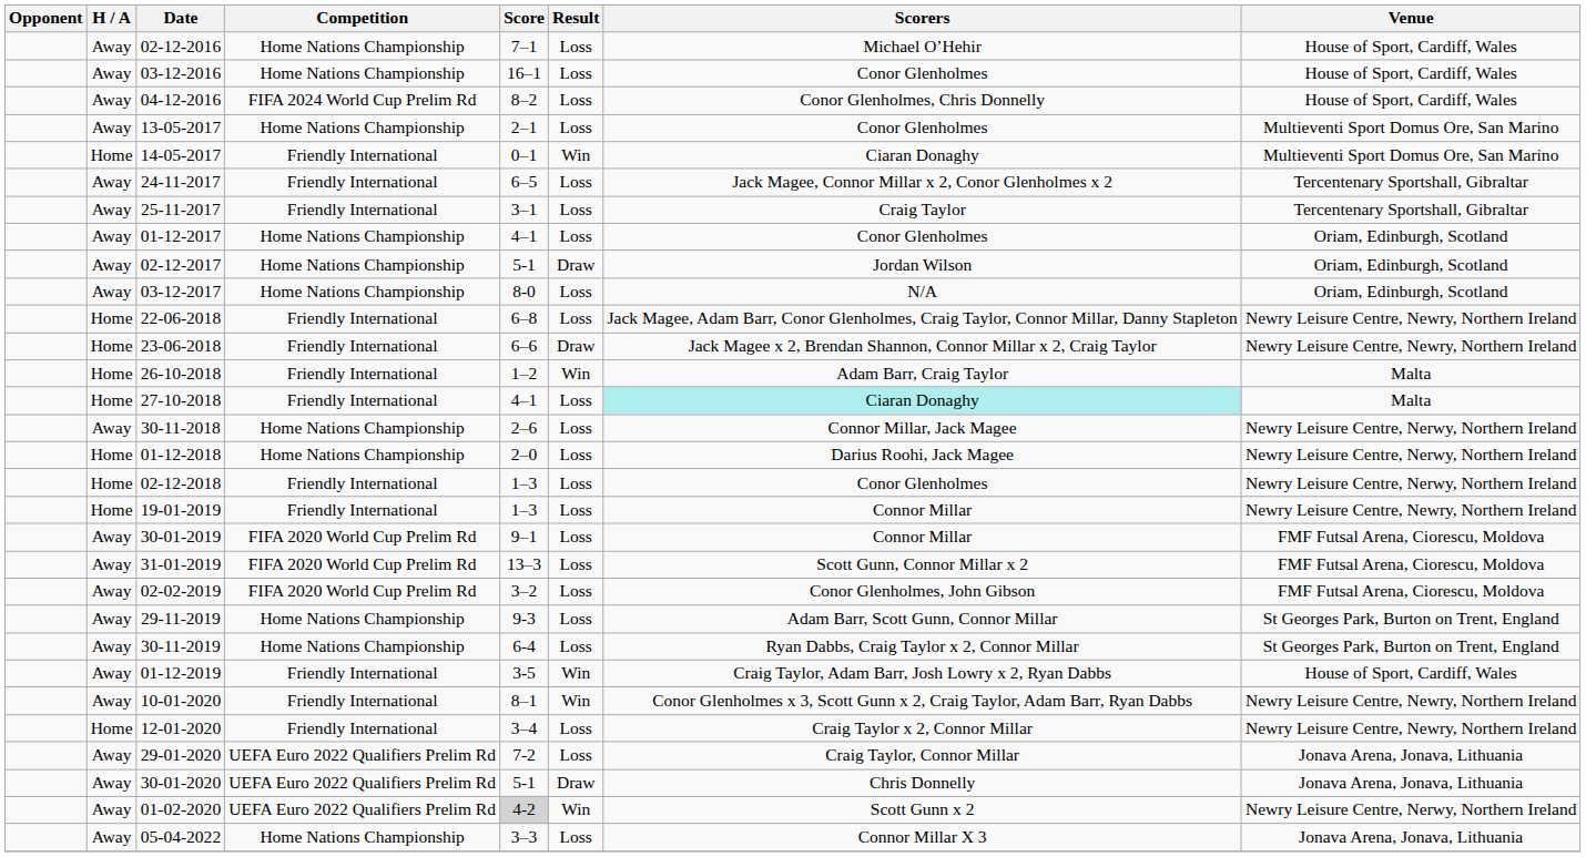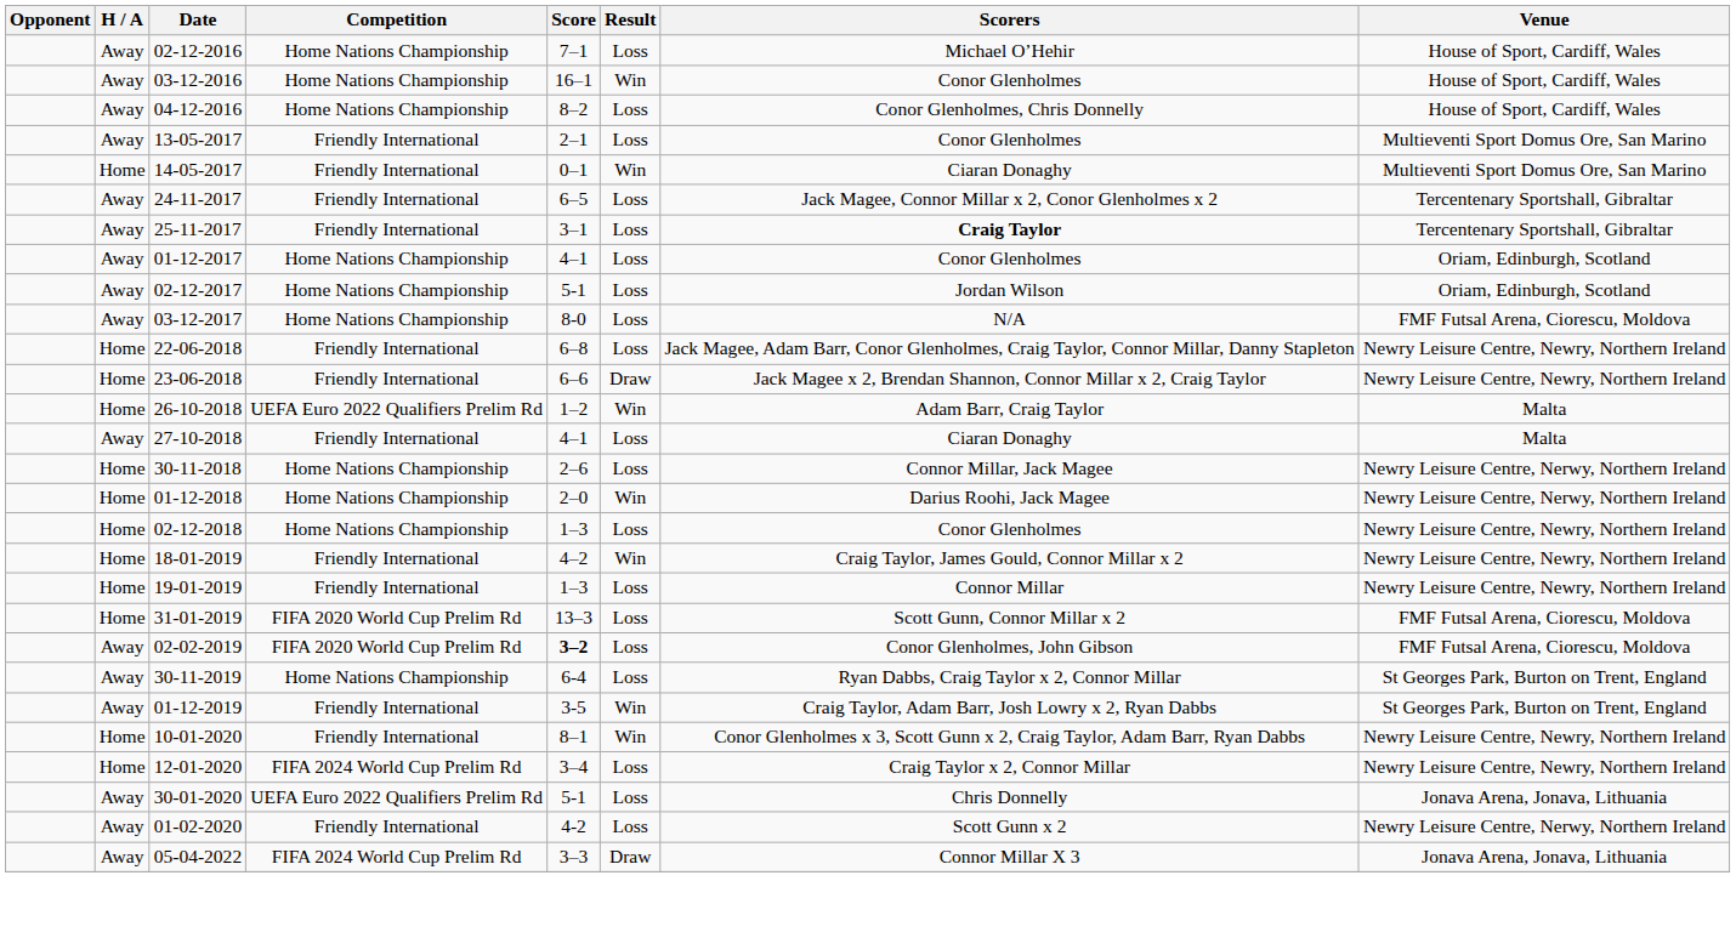 <table class="wikitable sortable" style="text-align:center">
 <tr>
 <th>Opponent</th>
 <th>H / A</th>
 <th>Date</th>
 <th>Competition</th>
 <th>Score</th>
 <th>Result</th>
 <th>Scorers</th>
 <th>Venue</th>
 </tr>
 <tr>
 <td style="text-align:left;"></td>
 <td>Away</td>
 <td>02-12-2016</td>
 <td>Home Nations Championship</td>
 <td>7–1</td>
 <td>Loss</td>
 <td>Michael O’Hehir</td>
 <td>House of Sport, Cardiff, Wales</td>
 </tr>
 <tr>
 <td style="text-align:left;"></td>
 <td>Away</td>
 <td>03-12-2016</td>
 <td>Home Nations Championship</td>
 <td>16–1</td>
-<td>Loss</td>
+<td>Win</td>
 <td>Conor Glenholmes</td>
 <td>House of Sport, Cardiff, Wales</td>
 </tr>
 <tr>
 <td style="text-align:left;"></td>
 <td>Away</td>
 <td>04-12-2016</td>
-<td>FIFA 2024 World Cup Prelim Rd</td>
+<td>Home Nations Championship</td>
 <td>8–2</td>
 <td>Loss</td>
 <td>Conor Glenholmes, Chris Donnelly</td>
 <td>House of Sport, Cardiff, Wales</td>
 </tr>
 <tr>
 <td style="text-align:left;"></td>
 <td>Away</td>
 <td>13-05-2017</td>
-<td>Home Nations Championship</td>
+<td>Friendly International</td>
 <td>2–1</td>
 <td>Loss</td>
 <td>Conor Glenholmes</td>
 <td>Multieventi Sport Domus Ore, San Marino</td>
 </tr>
 <tr>
 <td style="text-align:left;"></td>
 <td>Home</td>
 <td>14-05-2017</td>
 <td>Friendly International</td>
 <td>0–1</td>
 <td>Win</td>
 <td>Ciaran Donaghy</td>
 <td>Multieventi Sport Domus Ore, San Marino</td>
 </tr>
 <tr>
 <td style="text-align:left;"></td>
 <td>Away</td>
 <td>24-11-2017</td>
 <td>Friendly International</td>
 <td>6–5</td>
 <td>Loss</td>
 <td>Jack Magee, Connor Millar x 2, Conor Glenholmes x 2</td>
 <td>Tercentenary Sportshall, Gibraltar</td>
 </tr>
 <tr>
 <td style="text-align:left;"></td>
 <td>Away</td>
 <td>25-11-2017</td>
 <td>Friendly International</td>
 <td>3–1</td>
 <td>Loss</td>
-<td>Craig Taylor</td>
+<td><strong>Craig Taylor</strong></td>
 <td>Tercentenary Sportshall, Gibraltar</td>
 </tr>
 <tr>
 <td style="text-align:left;"></td>
 <td>Away</td>
 <td>01-12-2017</td>
 <td>Home Nations Championship</td>
 <td>4–1</td>
 <td>Loss</td>
 <td>Conor Glenholmes</td>
 <td>Oriam, Edinburgh, Scotland</td>
 </tr>
 <tr>
 <td style="text-align:left;"></td>
 <td>Away</td>
 <td>02-12-2017</td>
 <td>Home Nations Championship</td>
 <td>5-1</td>
-<td>Draw</td>
+<td>Loss</td>
 <td>Jordan Wilson</td>
 <td>Oriam, Edinburgh, Scotland</td>
 </tr>
 <tr>
 <td style="text-align:left;"></td>
 <td>Away</td>
 <td>03-12-2017</td>
 <td>Home Nations Championship</td>
 <td>8-0</td>
 <td>Loss</td>
 <td>N/A</td>
-<td>Oriam, Edinburgh, Scotland</td>
+<td>FMF Futsal Arena, Ciorescu, Moldova</td>
 </tr>
 <tr>
 <td style="text-align:left;"></td>
 <td>Home</td>
 <td>22-06-2018</td>
 <td>Friendly International</td>
 <td>6–8</td>
 <td>Loss</td>
 <td>Jack Magee, Adam Barr, Conor Glenholmes, Craig Taylor, Connor Millar, Danny Stapleton</td>
 <td>Newry Leisure Centre, Newry, Northern Ireland</td>
 </tr>
 <tr>
 <td style="text-align:left;"></td>
 <td>Home</td>
 <td>23-06-2018</td>
 <td>Friendly International</td>
 <td>6–6</td>
 <td>Draw</td>
 <td>Jack Magee x 2, Brendan Shannon, Connor Millar x 2, Craig Taylor</td>
 <td>Newry Leisure Centre, Newry, Northern Ireland</td>
 </tr>
 <tr>
 <td style="text-align:left;"></td>
 <td>Home</td>
 <td>26-10-2018</td>
-<td>Friendly International</td>
+<td>UEFA Euro 2022 Qualifiers Prelim Rd</td>
 <td>1–2</td>
 <td>Win</td>
 <td>Adam Barr, Craig Taylor</td>
 <td>Malta</td>
 </tr>
 <tr>
 <td style="text-align:left;"></td>
-<td>Home</td>
+<td>Away</td>
 <td>27-10-2018</td>
 <td>Friendly International</td>
 <td>4–1</td>
 <td>Loss</td>
-<td style="background: paleturquoise;">Ciaran Donaghy</td>
+<td>Ciaran Donaghy</td>
 <td>Malta</td>
 </tr>
 <tr>
 <td style="text-align:left;"></td>
-<td>Away</td>
+<td>Home</td>
 <td>30-11-2018</td>
 <td>Home Nations Championship</td>
 <td>2–6</td>
 <td>Loss</td>
 <td>Connor Millar, Jack Magee</td>
 <td>Newry Leisure Centre, Nerwy, Northern Ireland</td>
 </tr>
 <tr>
 <td style="text-align:left;"></td>
 <td>Home</td>
 <td>01-12-2018</td>
 <td>Home Nations Championship</td>
 <td>2–0</td>
-<td>Loss</td>
+<td>Win</td>
 <td>Darius Roohi, Jack Magee</td>
 <td>Newry Leisure Centre, Nerwy, Northern Ireland</td>
 </tr>
 <tr>
 <td style="text-align:left;"></td>
 <td>Home</td>
 <td>02-12-2018</td>
-<td>Friendly International</td>
+<td>Home Nations Championship</td>
 <td>1–3</td>
 <td>Loss</td>
 <td>Conor Glenholmes</td>
-<td>Newry Leisure Centre, Nerwy, Northern Ireland</td>
+<td>Newry Leisure Centre, Newry, Northern Ireland</td>
+</tr>
+<tr>
+<td style="text-align:left;"></td>
+<td>Home</td>
+<td>18-01-2019</td>
+<td>Friendly International</td>
+<td>4–2</td>
+<td>Win</td>
+<td>Craig Taylor, James Gould, Connor Millar x 2</td>
+<td>Newry Leisure Centre, Newry, Northern Ireland</td>
 </tr>
 <tr>
 <td style="text-align:left;"></td>
 <td>Home</td>
 <td>19-01-2019</td>
 <td>Friendly International</td>
 <td>1–3</td>
 <td>Loss</td>
 <td>Connor Millar</td>
 <td>Newry Leisure Centre, Newry, Northern Ireland</td>
 </tr>
 <tr>
 <td style="text-align:left;"></td>
-<td>Away</td>
-<td>30-01-2019</td>
-<td>FIFA 2020 World Cup Prelim Rd</td>
-<td>9–1</td>
-<td>Loss</td>
-<td>Connor Millar</td>
-<td>FMF Futsal Arena, Ciorescu, Moldova</td>
-</tr>
-<tr>
-<td style="text-align:left;"></td>
-<td>Away</td>
+<td>Home</td>
 <td>31-01-2019</td>
 <td>FIFA 2020 World Cup Prelim Rd</td>
 <td>13–3</td>
 <td>Loss</td>
 <td>Scott Gunn, Connor Millar x 2</td>
 <td>FMF Futsal Arena, Ciorescu, Moldova</td>
 </tr>
 <tr>
 <td style="text-align:left;"></td>
 <td>Away</td>
 <td>02-02-2019</td>
 <td>FIFA 2020 World Cup Prelim Rd</td>
-<td>3–2</td>
+<td><strong>3–2</strong></td>
 <td>Loss</td>
 <td>Conor Glenholmes, John Gibson</td>
 <td>FMF Futsal Arena, Ciorescu, Moldova</td>
-</tr>
-<tr>
-<td style="text-align:left;"></td>
-<td>Away</td>
-<td>29-11-2019</td>
-<td>Home Nations Championship</td>
-<td>9-3</td>
-<td>Loss</td>
-<td>Adam Barr, Scott Gunn, Connor Millar</td>
-<td>St Georges Park, Burton on Trent, England</td>
 </tr>
 <tr>
 <td style="text-align:left;"></td>
 <td>Away</td>
 <td>30-11-2019</td>
 <td>Home Nations Championship</td>
 <td>6-4</td>
 <td>Loss</td>
 <td>Ryan Dabbs, Craig Taylor x 2, Connor Millar</td>
 <td>St Georges Park, Burton on Trent, England</td>
 </tr>
 <tr>
 <td style="text-align:left;"></td>
 <td>Away</td>
 <td>01-12-2019</td>
 <td>Friendly International</td>
 <td>3-5</td>
 <td>Win</td>
 <td>Craig Taylor, Adam Barr, Josh Lowry x 2, Ryan Dabbs</td>
-<td>House of Sport, Cardiff, Wales</td>
+<td>St Georges Park, Burton on Trent, England</td>
 </tr>
 <tr>
 <td style="text-align:left;"></td>
-<td>Away</td>
+<td>Home</td>
 <td>10-01-2020</td>
 <td>Friendly International</td>
 <td>8–1</td>
 <td>Win</td>
 <td>Conor Glenholmes x 3, Scott Gunn x 2, Craig Taylor, Adam Barr, Ryan Dabbs</td>
 <td>Newry Leisure Centre, Newry, Northern Ireland</td>
 </tr>
 <tr>
 <td style="text-align:left;"></td>
 <td>Home</td>
 <td>12-01-2020</td>
-<td>Friendly International</td>
+<td>FIFA 2024 World Cup Prelim Rd</td>
 <td>3–4</td>
 <td>Loss</td>
 <td>Craig Taylor x 2, Connor Millar</td>
 <td>Newry Leisure Centre, Newry, Northern Ireland</td>
 </tr>
 <tr>
 <td style="text-align:left;"></td>
 <td>Away</td>
-<td>29-01-2020</td>
-<td>UEFA Euro 2022 Qualifiers Prelim Rd</td>
-<td>7-2</td>
-<td>Loss</td>
-<td>Craig Taylor, Connor Millar</td>
-<td>Jonava Arena, Jonava, Lithuania</td>
-</tr>
-<tr>
-<td style="text-align:left;"></td>
-<td>Away</td>
 <td>30-01-2020</td>
 <td>UEFA Euro 2022 Qualifiers Prelim Rd</td>
 <td>5-1</td>
-<td>Draw</td>
+<td>Loss</td>
 <td>Chris Donnelly</td>
 <td>Jonava Arena, Jonava, Lithuania</td>
 </tr>
 <tr>
 <td style="text-align:left;"></td>
 <td>Away</td>
 <td>01-02-2020</td>
-<td>UEFA Euro 2022 Qualifiers Prelim Rd</td>
-<td style="background: lightgrey;">4-2</td>
-<td>Win</td>
+<td>Friendly International</td>
+<td>4-2</td>
+<td>Loss</td>
 <td>Scott Gunn x 2</td>
 <td>Newry Leisure Centre, Nerwy, Northern Ireland</td>
 </tr>
 <tr>
 <td style="text-align:left;"></td>
 <td>Away</td>
 <td>05-04-2022</td>
-<td>Home Nations Championship</td>
+<td>FIFA 2024 World Cup Prelim Rd</td>
 <td>3–3</td>
-<td>Loss</td>
+<td>Draw</td>
 <td>Connor Millar X 3</td>
 <td>Jonava Arena, Jonava, Lithuania</td>
 </tr>
 <tr>
 </tr>
 <tr class="sortbot">
 </tr>
 </table>
